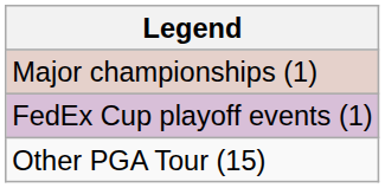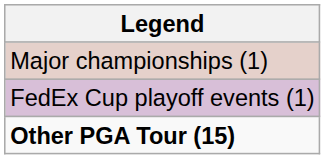 <table class="wikitable" style="font-size:95%;">
 <tr>
 <th>Legend</th>
 </tr>
 <tr style="background:#e5d1cb;">
 <td>Major championships (1)</td>
 </tr>
 <tr style="background:#D8BFD8;">
 <td>FedEx Cup playoff events (1)</td>
 </tr>
 <tr>
-<td>Other PGA Tour (15)</td>
+<td><strong>Other PGA Tour (15)</strong></td>
 </tr>
 </table>
